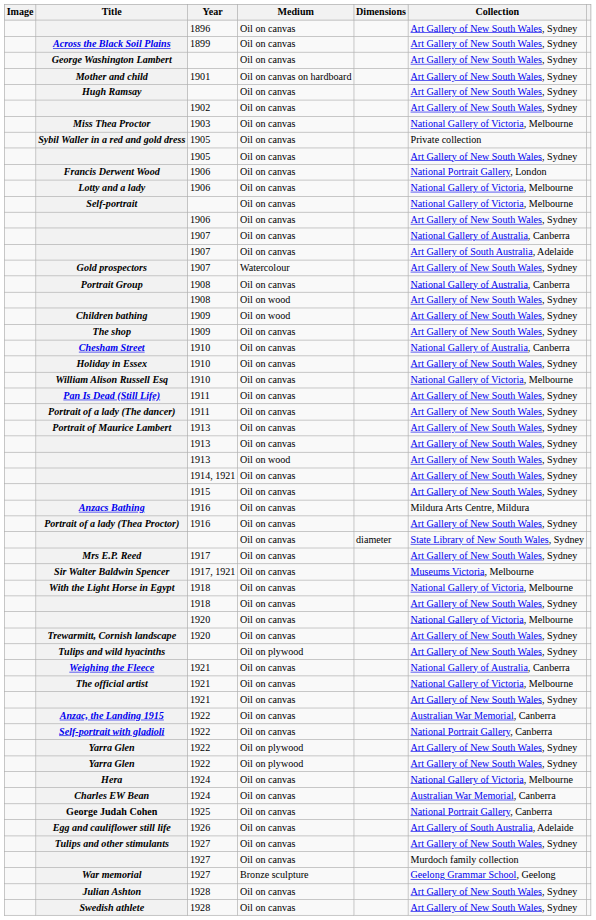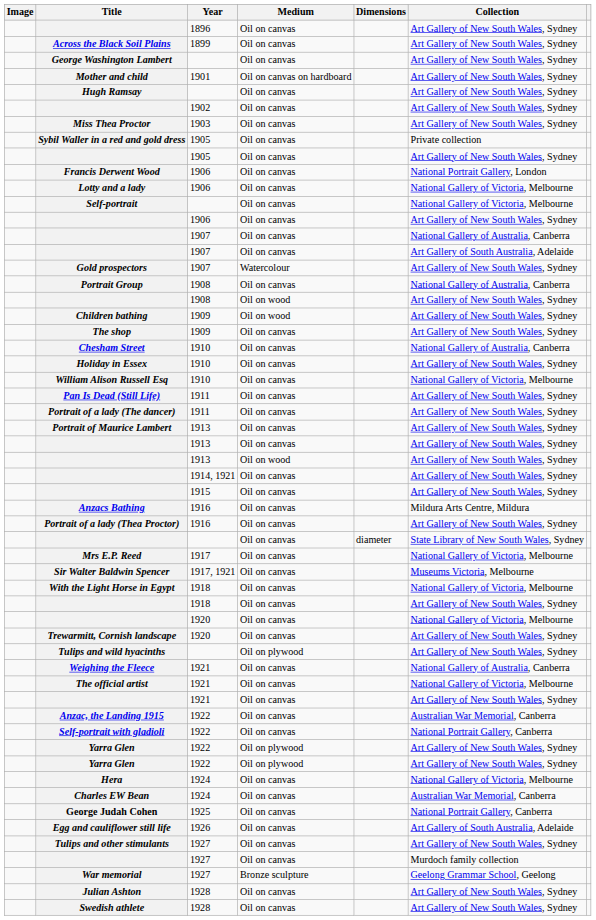 <table class="wikitable plainrowheaders sortable">
 <tr style="background:#ccc; text-align:center;">
 <th scope="col" class="unsortable">Image</th>
 <th scope="col">Title</th>
 <th scope="col">Year</th>
 <th scope="col">Medium</th>
 <th scope="col">Dimensions</th>
 <th scope="col">Collection</th>
 <th scope="col" class="unsortable"></th>
 </tr>
 <tr>
 <td></td>
 <th scope=row><em></em></th>
 <td>1896</td>
 <td>Oil on canvas</td>
 <td data-sort-value="78"></td>
 <td><a href='#'>Art Gallery of New South Wales</a>, Sydney</td>
 <td style="text-align:center;"></td>
 </tr>
 <tr>
 <td></td>
 <th scope=row><em><a href='#'>Across the Black Soil Plains</a></em></th>
 <td>1899</td>
 <td>Oil on canvas</td>
 <td data-sort-value="305.5"></td>
 <td><a href='#'>Art Gallery of New South Wales</a>, Sydney</td>
 <td style="text-align:center;"></td>
 </tr>
 <tr>
 <td></td>
 <th scope=row><em>George Washington Lambert</em></th>
 <td data-sort-value="1900"></td>
 <td>Oil on canvas</td>
 <td data-sort-value="45.7"></td>
 <td><a href='#'>Art Gallery of New South Wales</a>, Sydney</td>
 <td style="text-align:center;"></td>
 </tr>
 <tr>
 <td></td>
 <th scope=row><em>Mother and child</em></th>
 <td>1901</td>
 <td>Oil on canvas on hardboard</td>
 <td data-sort-value="64.1"></td>
 <td><a href='#'>Art Gallery of New South Wales</a>, Sydney</td>
 <td style="text-align:center;"></td>
 </tr>
 <tr>
 <td></td>
 <th scope=row><em>Hugh Ramsay</em></th>
 <td data-sort-value="1902"></td>
 <td>Oil on canvas</td>
 <td data-sort-value="46"></td>
 <td><a href='#'>Art Gallery of New South Wales</a>, Sydney</td>
 <td style="text-align:center;"></td>
 </tr>
 <tr>
 <td></td>
 <th scope=row><em></em></th>
 <td>1902</td>
 <td>Oil on canvas</td>
 <td data-sort-value="99"></td>
 <td><a href='#'>Art Gallery of New South Wales</a>, Sydney</td>
 <td style="text-align:center;"></td>
 </tr>
 <tr>
 <td></td>
 <th scope=row><em>Miss Thea Proctor</em></th>
 <td>1903</td>
 <td>Oil on canvas</td>
 <td data-sort-value="90"></td>
-<td><a href='#'>National Gallery of Victoria</a>, Melbourne</td>
+<td><a href='#'>Art Gallery of New South Wales</a>, Sydney</td>
 <td style="text-align:center;"></td>
 </tr>
 <tr>
 <td></td>
 <th scope=row><em>Sybil Waller in a red and gold dress</em></th>
 <td>1905</td>
 <td>Oil on canvas</td>
 <td data-sort-value="76.2"></td>
 <td>Private collection</td>
 <td style="text-align:center;"></td>
 </tr>
 <tr>
 <td></td>
 <th scope=row><em></em></th>
 <td>1905</td>
 <td>Oil on canvas</td>
 <td data-sort-value="106.8"></td>
 <td><a href='#'>Art Gallery of New South Wales</a>, Sydney</td>
 <td style="text-align:center;"></td>
 </tr>
 <tr>
 <td></td>
 <th scope=row><em>Francis Derwent Wood</em></th>
 <td>1906</td>
 <td>Oil on canvas</td>
 <td data-sort-value="61.0"></td>
 <td><a href='#'>National Portrait Gallery</a>, London</td>
 <td style="text-align:center;"></td>
 </tr>
 <tr>
 <td></td>
 <th scope=row><em>Lotty and a lady</em></th>
 <td>1906</td>
 <td>Oil on canvas</td>
 <td data-sort-value="127.7"></td>
 <td><a href='#'>National Gallery of Victoria</a>, Melbourne</td>
 <td style="text-align:center;"></td>
 </tr>
 <tr>
 <td></td>
 <th scope=row><em>Self-portrait</em></th>
 <td data-sort-value="1906"></td>
 <td>Oil on canvas</td>
 <td data-sort-value="46.3"></td>
 <td><a href='#'>National Gallery of Victoria</a>, Melbourne</td>
 <td style="text-align:center;"></td>
 </tr>
 <tr>
 <td></td>
 <th scope=row><em></em></th>
 <td>1906</td>
 <td>Oil on canvas</td>
 <td data-sort-value="52.7"></td>
 <td><a href='#'>Art Gallery of New South Wales</a>, Sydney</td>
 <td style="text-align:center;"></td>
 </tr>
 <tr>
 <td></td>
 <th scope=row><em></em></th>
 <td>1907</td>
 <td>Oil on canvas</td>
 <td data-sort-value="177.4"></td>
 <td><a href='#'>National Gallery of Australia</a>, Canberra</td>
 <td style="text-align:center;"></td>
 </tr>
 <tr>
 <td></td>
 <th scope=row><em></em></th>
 <td>1907</td>
 <td>Oil on canvas</td>
 <td data-sort-value="90.7"></td>
 <td><a href='#'>Art Gallery of South Australia</a>, Adelaide</td>
 <td style="text-align:center;"></td>
 </tr>
 <tr>
 <td></td>
 <th scope=row><em>Gold prospectors</em></th>
 <td>1907</td>
 <td>Watercolour</td>
 <td data-sort-value="44.8"></td>
 <td><a href='#'>Art Gallery of New South Wales</a>, Sydney</td>
 <td style="text-align:center;"></td>
 </tr>
 <tr>
 <td></td>
 <th scope=row><em>Portrait Group</em></th>
 <td>1908</td>
 <td>Oil on canvas</td>
 <td data-sort-value="184"></td>
 <td><a href='#'>National Gallery of Australia</a>, Canberra</td>
 <td style="text-align:center;"></td>
 </tr>
 <tr>
 <td></td>
 <th scope=row><em></em></th>
 <td>1908</td>
 <td>Oil on wood</td>
 <td data-sort-value="53"></td>
 <td><a href='#'>Art Gallery of New South Wales</a>, Sydney</td>
 <td style="text-align:center;"></td>
 </tr>
 <tr>
 <td></td>
 <th scope=row><em>Children bathing</em></th>
 <td>1909</td>
 <td>Oil on wood</td>
 <td data-sort-value="53.3"></td>
 <td><a href='#'>Art Gallery of New South Wales</a>, Sydney</td>
 <td style="text-align:center;"></td>
 </tr>
 <tr>
 <td></td>
 <th scope=row><em>The shop</em></th>
 <td>1909</td>
 <td>Oil on canvas</td>
 <td data-sort-value="91.5"></td>
 <td><a href='#'>Art Gallery of New South Wales</a>, Sydney</td>
 <td style="text-align:center;"></td>
 </tr>
 <tr>
 <td></td>
 <th scope=row><em><a href='#'>Chesham Street</a></em></th>
 <td>1910</td>
 <td>Oil on canvas</td>
 <td data-sort-value="62"></td>
 <td><a href='#'>National Gallery of Australia</a>, Canberra</td>
 <td style="text-align:center;"></td>
 </tr>
 <tr>
 <td></td>
 <th scope=row><em>Holiday in Essex</em></th>
 <td>1910</td>
 <td>Oil on canvas</td>
 <td data-sort-value="230.6"></td>
 <td><a href='#'>Art Gallery of New South Wales</a>, Sydney</td>
 <td style="text-align:center;"></td>
 </tr>
 <tr>
 <td></td>
 <th scope=row><em>William Alison Russell Esq</em></th>
 <td>1910</td>
 <td>Oil on canvas</td>
 <td data-sort-value="127.2"></td>
 <td><a href='#'>National Gallery of Victoria</a>, Melbourne</td>
 <td style="text-align:center;"></td>
 </tr>
 <tr>
 <td></td>
 <th scope=row><em><a href='#'>Pan Is Dead (Still Life)</a></em></th>
 <td>1911</td>
 <td>Oil on canvas</td>
 <td data-sort-value="76.5"></td>
 <td><a href='#'>Art Gallery of New South Wales</a>, Sydney</td>
 <td style="text-align:center;"></td>
 </tr>
 <tr>
 <td></td>
 <th scope=row><em>Portrait of a lady (The dancer)</em></th>
 <td>1911</td>
 <td>Oil on canvas</td>
 <td data-sort-value="61.3"></td>
 <td><a href='#'>Art Gallery of New South Wales</a>, Sydney</td>
 <td style="text-align:center;"></td>
 </tr>
 <tr>
 <td></td>
 <th scope=row><em>Portrait of Maurice Lambert</em></th>
 <td>1913</td>
 <td>Oil on canvas</td>
 <td data-sort-value="61.0"></td>
 <td><a href='#'>Art Gallery of New South Wales</a>, Sydney</td>
 <td style="text-align:center;"></td>
 </tr>
 <tr>
 <td></td>
 <th scope=row><em></em></th>
 <td>1913</td>
 <td>Oil on canvas</td>
 <td data-sort-value="50.7"></td>
 <td><a href='#'>Art Gallery of New South Wales</a>, Sydney</td>
 <td style="text-align:center;"></td>
 </tr>
 <tr>
 <td></td>
 <th scope=row><em></em></th>
 <td>1913</td>
 <td>Oil on wood</td>
 <td data-sort-value="41.6"></td>
 <td><a href='#'>Art Gallery of New South Wales</a>, Sydney</td>
 <td style="text-align:center;"></td>
 </tr>
 <tr>
 <td></td>
 <th scope=row><em></em></th>
 <td data-sort-value="1914">1914, 1921</td>
 <td>Oil on canvas</td>
 <td data-sort-value="171"></td>
 <td><a href='#'>Art Gallery of New South Wales</a>, Sydney</td>
 <td style="text-align:center;"></td>
 </tr>
 <tr>
 <td></td>
 <th scope=row><em></em></th>
 <td>1915</td>
 <td>Oil on canvas</td>
 <td data-sort-value="91.4"></td>
 <td><a href='#'>Art Gallery of New South Wales</a>, Sydney</td>
 <td style="text-align:center;"></td>
 </tr>
 <tr>
 <td></td>
 <th scope=row><em><a href='#'>Anzacs Bathing</a></em></th>
 <td>1916</td>
 <td>Oil on canvas</td>
 <td data-sort-value="36"></td>
 <td>Mildura Arts Centre, Mildura</td>
 <td style="text-align:center;"></td>
 </tr>
 <tr>
 <td></td>
 <th scope=row><em>Portrait of a lady (Thea Proctor)</em></th>
 <td>1916</td>
 <td>Oil on canvas</td>
 <td data-sort-value="45.8"></td>
 <td><a href='#'>Art Gallery of New South Wales</a>, Sydney</td>
 <td style="text-align:center;"></td>
 </tr>
 <tr>
 <td></td>
 <th scope=row><em></em></th>
 <td data-sort-value="1916"></td>
 <td>Oil on canvas</td>
 <td data-sort-value="50"> diameter</td>
 <td><a href='#'>State Library of New South Wales</a>, Sydney</td>
 <td style="text-align:center;"></td>
 </tr>
 <tr>
 <td></td>
 <th scope=row><em>Mrs E.P. Reed</em></th>
 <td>1917</td>
 <td>Oil on canvas</td>
 <td data-sort-value="76.6"></td>
-<td><a href='#'>Art Gallery of New South Wales</a>, Sydney</td>
+<td><a href='#'>National Gallery of Victoria</a>, Melbourne</td>
 <td style="text-align:center;"></td>
 </tr>
 <tr>
 <td></td>
 <th scope=row><em>Sir Walter Baldwin Spencer</em></th>
 <td data-sort-value="1917">1917, 1921</td>
 <td>Oil on canvas</td>
 <td data-sort-value="91.2"></td>
 <td><a href='#'>Museums Victoria</a>, Melbourne</td>
 <td style="text-align:center;"></td>
 </tr>
 <tr>
 <td></td>
 <th scope=row><em>With the Light Horse in Egypt</em></th>
 <td>1918</td>
 <td>Oil on canvas</td>
 <td data-sort-value="91.2"></td>
 <td><a href='#'>National Gallery of Victoria</a>, Melbourne</td>
 <td style="text-align:center;"></td>
 </tr>
 <tr>
 <td></td>
 <th scope=row><em></em></th>
 <td>1918</td>
 <td>Oil on canvas</td>
 <td data-sort-value="40.7"></td>
 <td><a href='#'>Art Gallery of New South Wales</a>, Sydney</td>
 <td style="text-align:center;"></td>
 </tr>
 <tr>
 <td></td>
 <th scope=row><em></em></th>
 <td>1920</td>
 <td>Oil on canvas</td>
 <td data-sort-value="77"></td>
 <td><a href='#'>National Gallery of Victoria</a>, Melbourne</td>
 <td style="text-align:center;"></td>
 </tr>
 <tr>
 <td></td>
 <th scope=row><em>Trewarmitt, Cornish landscape</em></th>
 <td>1920</td>
 <td>Oil on canvas</td>
 <td data-sort-value="76.2"></td>
 <td><a href='#'>Art Gallery of New South Wales</a>, Sydney</td>
 <td style="text-align:center;"></td>
 </tr>
 <tr>
 <td></td>
 <th scope=row><em>Tulips and wild hyacinths</em></th>
 <td data-sort-value="1920"></td>
 <td>Oil on plywood</td>
 <td data-sort-value="60.7"></td>
 <td><a href='#'>Art Gallery of New South Wales</a>, Sydney</td>
 <td style="text-align:center;"></td>
 </tr>
 <tr>
 <td></td>
 <th scope=row><em><a href='#'>Weighing the Fleece</a></em></th>
 <td>1921</td>
 <td>Oil on canvas</td>
 <td data-sort-value="91.8"></td>
 <td><a href='#'>National Gallery of Australia</a>, Canberra</td>
 <td style="text-align:center;"></td>
 </tr>
 <tr>
 <td></td>
 <th scope=row><em>The official artist</em></th>
 <td>1921</td>
 <td>Oil on canvas</td>
 <td data-sort-value="91.7"></td>
 <td><a href='#'>National Gallery of Victoria</a>, Melbourne</td>
 <td style="text-align:center;"></td>
 </tr>
 <tr>
 <td></td>
 <th scope=row><em></em></th>
 <td>1921</td>
 <td>Oil on canvas</td>
 <td data-sort-value="106.0"></td>
 <td><a href='#'>Art Gallery of New South Wales</a>, Sydney</td>
 <td style="text-align:center;"></td>
 </tr>
 <tr>
 <td></td>
 <th scope=row><em><a href='#'>Anzac, the Landing 1915</a></em></th>
 <td>1922</td>
 <td>Oil on canvas</td>
 <td data-sort-value="350.5"></td>
 <td><a href='#'>Australian War Memorial</a>, Canberra</td>
 <td style="text-align:center;"></td>
 </tr>
 <tr>
 <td></td>
 <th scope=row><em><a href='#'>Self-portrait with gladioli</a></em></th>
 <td>1922</td>
 <td>Oil on canvas</td>
 <td data-sort-value="128.2"></td>
 <td><a href='#'>National Portrait Gallery</a>, Canberra</td>
 <td style="text-align:center;"></td>
 </tr>
 <tr>
 <td></td>
 <th scope=row><em>Yarra Glen</em></th>
 <td>1922</td>
 <td>Oil on plywood</td>
 <td data-sort-value="44.1"></td>
 <td><a href='#'>Art Gallery of New South Wales</a>, Sydney</td>
 <td style="text-align:center;"></td>
 </tr>
 <tr>
 <td></td>
 <th scope=row><em>Yarra Glen</em></th>
 <td>1922</td>
 <td>Oil on plywood</td>
 <td data-sort-value="44.1"></td>
 <td><a href='#'>Art Gallery of New South Wales</a>, Sydney</td>
 <td style="text-align:center;"></td>
 </tr>
 <tr>
 <td></td>
 <th scope=row><em>Hera</em></th>
 <td>1924</td>
 <td>Oil on canvas</td>
 <td data-sort-value="127.8"></td>
 <td><a href='#'>National Gallery of Victoria</a>, Melbourne</td>
 <td style="text-align:center;"></td>
 </tr>
 <tr>
 <td></td>
 <th scope=row><em>Charles EW Bean</em></th>
 <td>1924</td>
 <td>Oil on canvas</td>
 <td data-sort-value="90.7"></td>
 <td><a href='#'>Australian War Memorial</a>, Canberra</td>
 <td style="text-align:center;"></td>
 </tr>
 <tr>
 <td></td>
 <th scope=row>George Judah Cohen</th>
 <td>1925</td>
 <td>Oil on canvas</td>
 <td data-sort-value="147.0"></td>
 <td><a href='#'>National Portrait Gallery</a>, Canberra</td>
 <td style="text-align:center;"></td>
 </tr>
 <tr>
 <td></td>
 <th scope=row><em>Egg and cauliflower still life</em></th>
 <td>1926</td>
 <td>Oil on canvas</td>
 <td data-sort-value="44.1"></td>
 <td><a href='#'>Art Gallery of South Australia</a>, Adelaide</td>
 <td style="text-align:center;"></td>
 </tr>
 <tr>
 <td></td>
 <th scope=row><em>Tulips and other stimulants</em></th>
 <td>1927</td>
 <td>Oil on canvas</td>
 <td data-sort-value="60.6"></td>
 <td><a href='#'>Art Gallery of New South Wales</a>, Sydney</td>
 <td style="text-align:center;"></td>
 </tr>
 <tr>
 <td></td>
 <th scope=row><em></em></th>
 <td>1927</td>
 <td>Oil on canvas</td>
 <td data-sort-value="59.6"></td>
 <td>Murdoch family collection</td>
 <td style="text-align:center;"></td>
 </tr>
 <tr>
 <td></td>
 <th scope=row><em>War memorial</em></th>
 <td>1927</td>
 <td>Bronze sculpture</td>
 <td></td>
 <td><a href='#'>Geelong Grammar School</a>, Geelong</td>
 <td style="text-align:center;"></td>
 </tr>
 <tr>
 <td></td>
 <th scope=row><em>Julian Ashton</em></th>
 <td>1928</td>
 <td>Oil on canvas</td>
 <td data-sort-value="127"></td>
 <td><a href='#'>Art Gallery of New South Wales</a>, Sydney</td>
 <td style="text-align:center;"></td>
 </tr>
 <tr>
 <td></td>
 <th scope=row><em>Swedish athlete</em></th>
 <td>1928</td>
 <td>Oil on canvas</td>
 <td data-sort-value="51.0"></td>
 <td><a href='#'>Art Gallery of New South Wales</a>, Sydney</td>
 <td style="text-align:center;"></td>
 </tr>
 </table>
